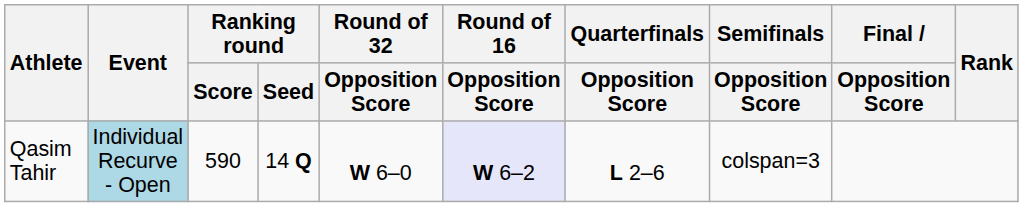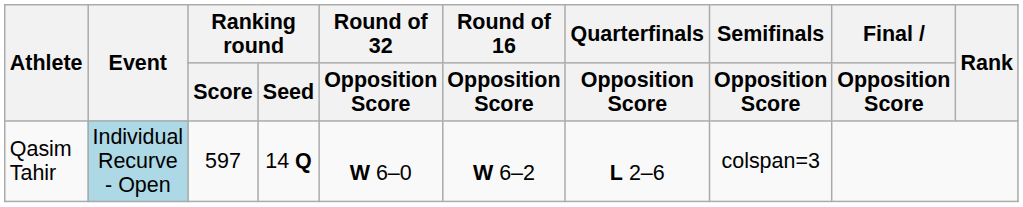 <table class="wikitable" style="text-align:center; font-size:90%">
 <tr>
 <th rowspan="2">Athlete</th>
 <th rowspan="2">Event</th>
 <th colspan="2">Ranking round</th>
 <th>Round of 32</th>
 <th>Round of 16</th>
 <th>Quarterfinals</th>
 <th>Semifinals</th>
 <th>Final / </th>
 <th rowspan="2">Rank</th>
 </tr>
 <tr>
 <th>Score</th>
 <th>Seed</th>
 <th>Opposition<br>Score</th>
 <th>Opposition<br>Score</th>
 <th>Opposition<br>Score</th>
 <th>Opposition<br>Score</th>
 <th>Opposition<br>Score</th>
 </tr>
 <tr>
 <td align=left>Qasim Tahir</td>
 <td style="background: lightblue;">Individual Recurve - Open</td>
-<td>590</td>
+<td>597</td>
 <td>14 <strong>Q</strong></td>
 <td><br><strong>W</strong> 6–0</td>
-<td style="background: lavender;"><br><strong>W</strong> 6–2</td>
+<td><br><strong>W</strong> 6–2</td>
 <td><br><strong>L</strong> 2–6</td>
 <td>colspan=3 </td>
 </tr>
 </table>
